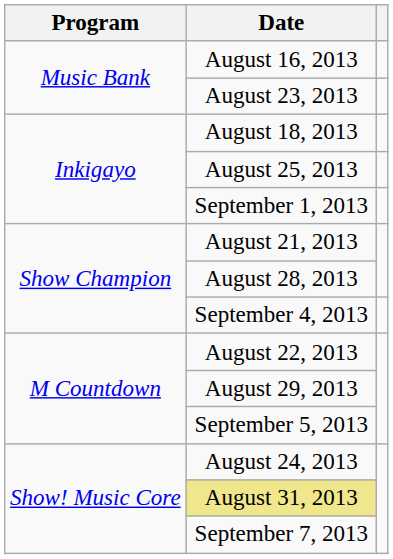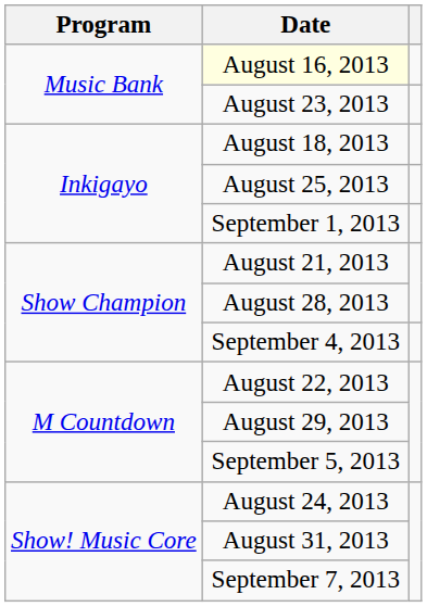 <table class="wikitable sortable" style="text-align:center">
 <tr>
 <th>Program</th>
 <th width="125">Date</th>
 <th class="unsortable"></th>
 </tr>
 <tr>
 <td rowspan="2"><em><a href='#'>Music Bank</a></em></td>
-<td>August 16, 2013</td>
+<td style="background: lightyellow;">August 16, 2013</td>
 <td></td>
 </tr>
 <tr>
 <td>August 23, 2013</td>
 <td></td>
 </tr>
 <tr>
 <td rowspan="3"><em><a href='#'>Inkigayo</a></em></td>
 <td>August 18, 2013</td>
 <td></td>
 </tr>
 <tr>
 <td>August 25, 2013</td>
 <td></td>
 </tr>
 <tr>
 <td>September 1, 2013</td>
 <td></td>
 </tr>
 <tr>
 <td rowspan="3"><em><a href='#'>Show Champion</a></em></td>
 <td>August 21, 2013</td>
 <td rowspan="2"></td>
 </tr>
 <tr>
 <td>August 28, 2013</td>
 </tr>
 <tr>
 <td>September 4, 2013</td>
 <td></td>
 </tr>
 <tr>
 <td rowspan="3"><em><a href='#'>M Countdown</a></em></td>
 <td>August 22, 2013</td>
 <td rowspan="3"></td>
 </tr>
 <tr>
 <td>August 29, 2013</td>
 </tr>
 <tr>
 <td>September 5, 2013</td>
 </tr>
 <tr>
 <td rowspan="4"><em><a href='#'>Show! Music Core</a></em></td>
 <td>August 24, 2013</td>
 <td rowspan="3"></td>
 </tr>
 <tr>
-<td style="background: khaki;">August 31, 2013</td>
+<td>August 31, 2013</td>
 </tr>
 <tr>
 <td>September 7, 2013</td>
 </tr>
 </table>
